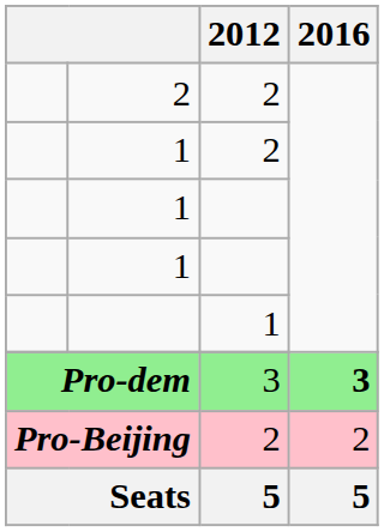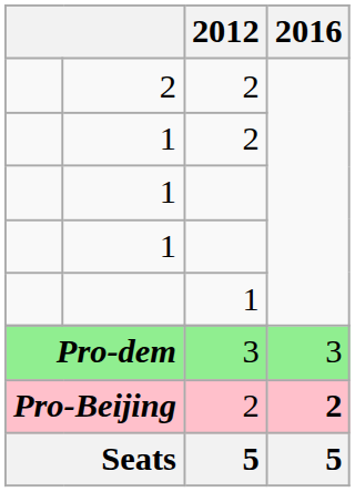 <table class="wikitable" style="text-align: right;">
 <tr bgcolor="#CCCCCC">
 <th colspan=2></th>
 <th>2012</th>
 <th>2016</th>
 </tr>
 <tr>
 <td></td>
 <td>2</td>
 <td>2</td>
 </tr>
 <tr>
 <td></td>
 <td>1</td>
 <td>2</td>
 </tr>
 <tr>
 <td></td>
 <td>1</td>
 <td></td>
 </tr>
 <tr>
 <td></td>
 <td>1</td>
 <td></td>
 </tr>
 <tr>
 <td></td>
 <td></td>
 <td>1</td>
 </tr>
 <tr>
 </tr>
 <tr bgcolor=lightgreen>
 <td colspan=2><strong><em>Pro-dem</em></strong></td>
 <td>3</td>
-<td><strong>3</strong></td>
+<td>3</td>
 </tr>
 <tr bgcolor=pink>
 <td colspan=2><strong><em>Pro-Beijing</em></strong></td>
 <td>2</td>
-<td>2</td>
+<td><strong>2</strong></td>
 </tr>
 <tr class="sortbottom" bgcolor="#F2F2F2">
 <td colspan=2><strong>Seats</strong></td>
 <td><strong>5</strong></td>
 <td><strong>5</strong></td>
 </tr>
 </table>
